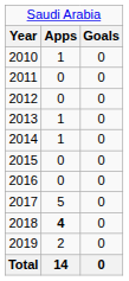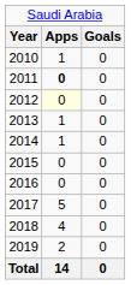 <table class="wikitable" style="text-align:center">
 <tr>
 <td colspan=3><a href='#'>Saudi Arabia</a></td>
 </tr>
 <tr>
 <th>Year</th>
 <th>Apps</th>
 <th>Goals</th>
 </tr>
 <tr>
 <td>2010</td>
 <td>1</td>
 <td>0</td>
 </tr>
 <tr>
 <td>2011</td>
-<td>0</td>
+<td><strong>0</strong></td>
 <td>0</td>
 </tr>
 <tr>
 <td>2012</td>
-<td>0</td>
+<td style="background: lightyellow;">0</td>
 <td>0</td>
 </tr>
 <tr>
 <td>2013</td>
 <td>1</td>
 <td>0</td>
 </tr>
 <tr>
 <td>2014</td>
 <td>1</td>
 <td>0</td>
 </tr>
 <tr>
 <td>2015</td>
 <td>0</td>
 <td>0</td>
 </tr>
 <tr>
 <td>2016</td>
 <td>0</td>
 <td>0</td>
 </tr>
 <tr>
 <td>2017</td>
 <td>5</td>
 <td>0</td>
 </tr>
 <tr>
 <td>2018</td>
-<td><strong>4</strong></td>
+<td>4</td>
 <td>0</td>
 </tr>
 <tr>
 <td>2019</td>
 <td>2</td>
 <td>0</td>
 </tr>
 <tr>
 <th>Total</th>
 <th>14</th>
 <th>0</th>
 </tr>
 </table>
